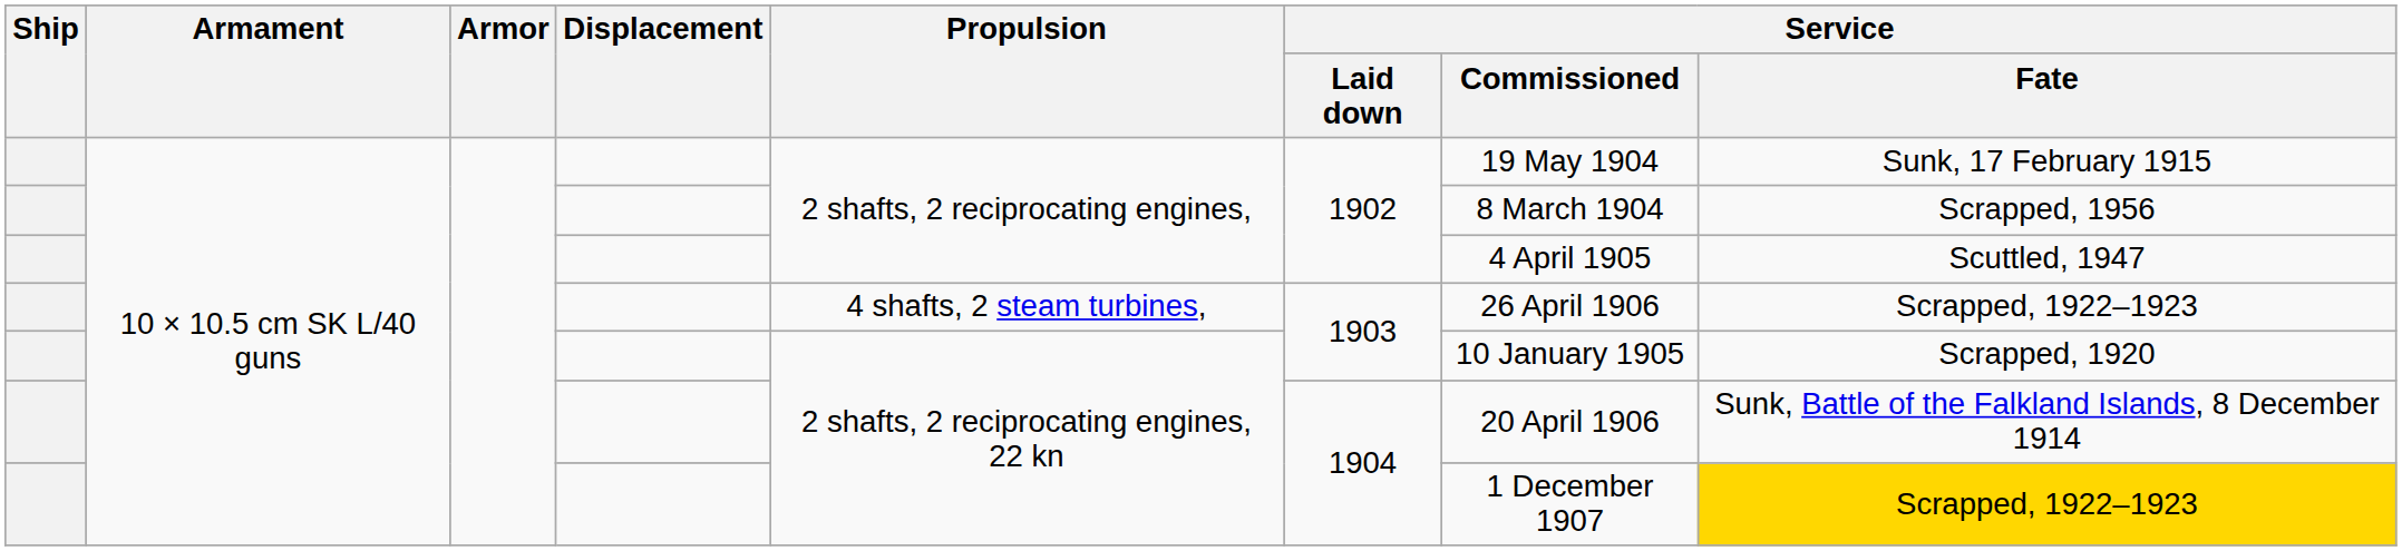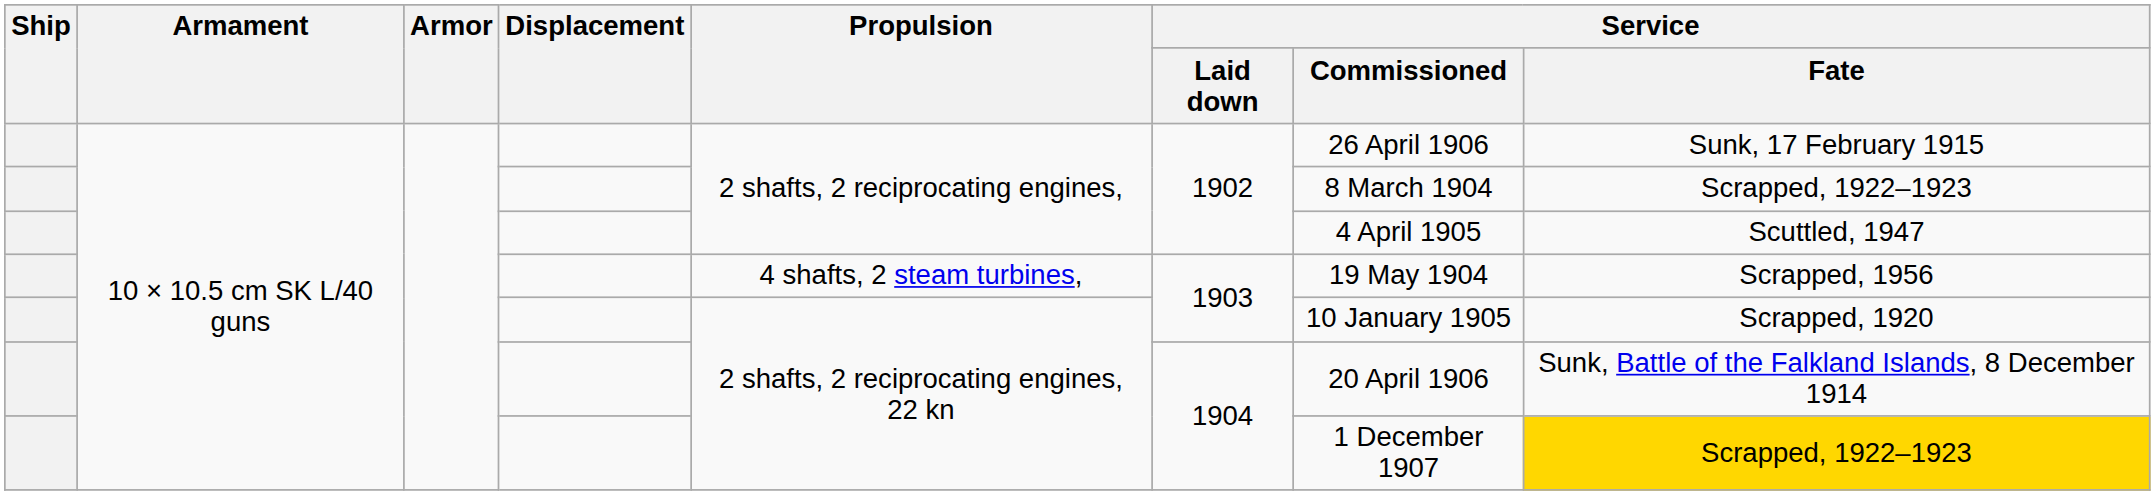 <table class="wikitable plainrowheaders" style="text-align: center;">
 <tr valign="top">
 <th scope="col" rowspan="2">Ship</th>
 <th scope="col" rowspan="2">Armament</th>
 <th scope="col" rowspan="2">Armor</th>
 <th scope="col" rowspan="2">Displacement</th>
 <th scope="col" rowspan="2">Propulsion</th>
 <th scope="col" colspan="3">Service</th>
 </tr>
 <tr valign="top">
 <th scope="col">Laid down</th>
 <th scope="col">Commissioned</th>
 <th scope="col">Fate</th>
 </tr>
 <tr valign="center">
 <th scope="row"></th>
 <td rowspan="7">10 × 10.5 cm SK L/40 guns</td>
 <td rowspan="7"></td>
 <td></td>
 <td rowspan="3">2 shafts, 2 reciprocating engines, </td>
 <td rowspan="3">1902</td>
-<td>19 May 1904</td>
+<td>26 April 1906</td>
 <td>Sunk, 17 February 1915</td>
 </tr>
 <tr valign="center">
 <th scope="row"></th>
 <td></td>
 <td>8 March 1904</td>
-<td>Scrapped, 1956</td>
+<td>Scrapped, 1922–1923</td>
 </tr>
 <tr valign="center">
 <th scope="row"></th>
 <td></td>
 <td>4 April 1905</td>
 <td>Scuttled, 1947</td>
 </tr>
 <tr valign="center">
 <th scope="row"></th>
 <td></td>
 <td>4 shafts, 2 <a href='#'>steam turbines</a>, </td>
 <td rowspan="2">1903</td>
-<td>26 April 1906</td>
-<td>Scrapped, 1922–1923</td>
+<td>19 May 1904</td>
+<td>Scrapped, 1956</td>
 </tr>
 <tr valign="center">
 <th scope="row"></th>
 <td></td>
 <td rowspan="3">2 shafts, 2 reciprocating engines, 22 kn</td>
 <td>10 January 1905</td>
 <td>Scrapped, 1920</td>
 </tr>
 <tr valign="center">
 <th scope="row"></th>
 <td></td>
 <td rowspan="2">1904</td>
 <td>20 April 1906</td>
 <td>Sunk, <a href='#'>Battle of the Falkland Islands</a>, 8 December 1914</td>
 </tr>
 <tr valign="center">
 <th scope="row"></th>
 <td></td>
 <td>1 December 1907</td>
 <td style="background: gold;">Scrapped, 1922–1923</td>
 </tr>
 </table>
